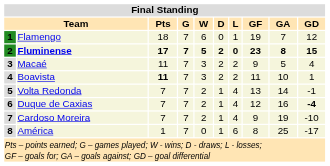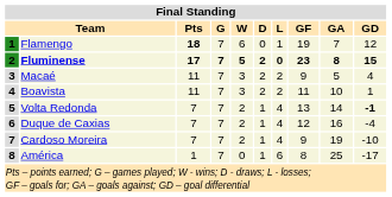 <table width=60%>
 <tr>
 <th colspan="10" bgcolor=#DCDCDC><span>Final Standing</span></th>
 </tr>
 <tr>
 <th colspan="2" bgcolor=#ffe5b4><span>Team</span></th>
 <th bgcolor=#ffe5b4 align="center"><span>Pts</span></th>
 <th bgcolor=#ffe5b4 align="center"><span>G</span></th>
 <th bgcolor=#ffe5b4 align="center"><span>W</span></th>
 <th bgcolor=#ffe5b4 align="center"><span>D</span></th>
 <th bgcolor=#ffe5b4 align="center"><span>L</span></th>
 <th bgcolor=#ffe5b4 align="center"><span>GF</span></th>
 <th bgcolor=#ffe5b4 align="center"><span>GA</span></th>
 <th bgcolor=#ffe5b4 align="center"><span>GD</span></th>
 </tr>
 <tr>
 <th bgcolor=#228B22 align="center"><span>1</span></th>
 <td bgcolor=#f5f5dc><a href='#'>Flamengo</a></td>
-<td bgcolor=#f5f5dc align="center">18</td>
+<td bgcolor=#f5f5dc align="center"><strong>18</strong></td>
 <td bgcolor=#f5f5dc align="center">7</td>
 <td bgcolor=#f5f5dc align="center">6</td>
 <td bgcolor=#f5f5dc align="center">0</td>
 <td bgcolor=#f5f5dc align="center">1</td>
 <td bgcolor=#f5f5dc align="center">19</td>
 <td bgcolor=#f5f5dc align="center">7</td>
 <td bgcolor=#f5f5dc align="center">12</td>
 </tr>
 <tr>
 <th bgcolor=#228B22 align="center"><span>2</span></th>
 <td bgcolor=#f5f5dc><strong><a href='#'>Fluminense</a></strong></td>
 <td bgcolor=#f5f5dc align="center"><strong>17</strong></td>
 <td bgcolor=#f5f5dc align="center"><strong>7</strong></td>
 <td bgcolor=#f5f5dc align="center"><strong>5</strong></td>
 <td bgcolor=#f5f5dc align="center"><strong>2</strong></td>
 <td bgcolor=#f5f5dc align="center"><strong>0</strong></td>
 <td bgcolor=#f5f5dc align="center"><strong>23</strong></td>
 <td bgcolor=#f5f5dc align="center"><strong>8</strong></td>
 <td bgcolor=#f5f5dc align="center"><strong>15</strong></td>
 </tr>
 <tr>
 <th bgcolor=#DCDCDC align="center"><span>3</span></th>
 <td bgcolor=#f5f5dc><a href='#'>Macaé</a></td>
 <td bgcolor=#f5f5dc align="center">11</td>
 <td bgcolor=#f5f5dc align="center">7</td>
 <td bgcolor=#f5f5dc align="center">3</td>
 <td bgcolor=#f5f5dc align="center">2</td>
 <td bgcolor=#f5f5dc align="center">2</td>
 <td bgcolor=#f5f5dc align="center">9</td>
 <td bgcolor=#f5f5dc align="center">5</td>
 <td bgcolor=#f5f5dc align="center">4</td>
 </tr>
 <tr>
 <th bgcolor=#DCDCDC align="center"><span>4</span></th>
 <td bgcolor=#f5f5dc><a href='#'>Boavista</a></td>
-<td bgcolor=#f5f5dc align="center"><strong>11</strong></td>
+<td bgcolor=#f5f5dc align="center">11</td>
 <td bgcolor=#f5f5dc align="center">7</td>
 <td bgcolor=#f5f5dc align="center">3</td>
 <td bgcolor=#f5f5dc align="center">2</td>
 <td bgcolor=#f5f5dc align="center">2</td>
 <td bgcolor=#f5f5dc align="center">11</td>
 <td bgcolor=#f5f5dc align="center">10</td>
 <td bgcolor=#f5f5dc align="center">1</td>
 </tr>
 <tr>
 <th bgcolor=#DCDCDC align="center"><span>5</span></th>
 <td bgcolor=#f5f5dc><a href='#'>Volta Redonda</a></td>
 <td bgcolor=#f5f5dc align="center">7</td>
 <td bgcolor=#f5f5dc align="center">7</td>
 <td bgcolor=#f5f5dc align="center">2</td>
 <td bgcolor=#f5f5dc align="center">1</td>
 <td bgcolor=#f5f5dc align="center">4</td>
 <td bgcolor=#f5f5dc align="center">13</td>
 <td bgcolor=#f5f5dc align="center">14</td>
-<td bgcolor=#f5f5dc align="center">-1</td>
+<td bgcolor=#f5f5dc align="center"><strong>-1</strong></td>
 </tr>
 <tr>
 <th bgcolor=#DCDCDC align="center"><span>6</span></th>
 <td bgcolor=#f5f5dc><a href='#'>Duque de Caxias</a></td>
 <td bgcolor=#f5f5dc align="center">7</td>
 <td bgcolor=#f5f5dc align="center">7</td>
 <td bgcolor=#f5f5dc align="center">2</td>
 <td bgcolor=#f5f5dc align="center">1</td>
 <td bgcolor=#f5f5dc align="center">4</td>
 <td bgcolor=#f5f5dc align="center">12</td>
 <td bgcolor=#f5f5dc align="center">16</td>
-<td bgcolor=#f5f5dc align="center"><strong>-4</strong></td>
+<td bgcolor=#f5f5dc align="center">-4</td>
 </tr>
 <tr>
 <th bgcolor=#DCDCDC align="center"><span>7</span></th>
 <td bgcolor=#f5f5dc><a href='#'>Cardoso Moreira</a></td>
 <td bgcolor=#f5f5dc align="center">7</td>
 <td bgcolor=#f5f5dc align="center">7</td>
 <td bgcolor=#f5f5dc align="center">2</td>
 <td bgcolor=#f5f5dc align="center">1</td>
 <td bgcolor=#f5f5dc align="center">4</td>
 <td bgcolor=#f5f5dc align="center">9</td>
 <td bgcolor=#f5f5dc align="center">19</td>
 <td bgcolor=#f5f5dc align="center">-10</td>
 </tr>
 <tr>
 <th bgcolor=#DCDCDC align="center"><span>8</span></th>
 <td bgcolor=#f5f5dc><a href='#'>América</a></td>
 <td bgcolor=#f5f5dc align="center">1</td>
 <td bgcolor=#f5f5dc align="center">7</td>
 <td bgcolor=#f5f5dc align="center">0</td>
 <td bgcolor=#f5f5dc align="center">1</td>
 <td bgcolor=#f5f5dc align="center">6</td>
 <td bgcolor=#f5f5dc align="center">8</td>
 <td bgcolor=#f5f5dc align="center">25</td>
 <td bgcolor=#f5f5dc align="center">-17</td>
 </tr>
 <tr bgcolor=#ffe5b4>
 <td colspan="10"><small><em>Pts – points earned; G – games played; W - wins; D - draws; L - losses;</em></small><br> <small><em>GF – goals for; GA – goals against; GD – goal differential</em></small></td>
 </tr>
 </table>
